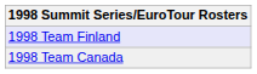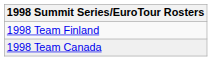 <table class=wikitable style="text-align:left;">
 <tr>
 <th>1998 Summit Series/EuroTour Rosters</th>
 </tr>
 <tr>
-<td style="background: lavender;"> <a href='#'>1998 Team Finland</a></td>
+<td> <a href='#'>1998 Team Finland</a></td>
 </tr>
 <tr bgcolor="#f0f0f0">
 <td> <a href='#'>1998 Team Canada</a></td>
 </tr>
 </table>
